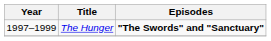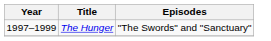 <table class="wikitable">
 <tr>
 <th>Year</th>
 <th>Title</th>
 <th>Episodes</th>
 </tr>
 <tr>
 <td>1997–1999</td>
 <td><em><a href='#'>The Hunger</a></em></td>
-<td><strong>"The Swords" and "Sanctuary"</strong></td>
+<td>"The Swords" and "Sanctuary"</td>
 </tr>
 <tr>
 </tr>
 </table>
